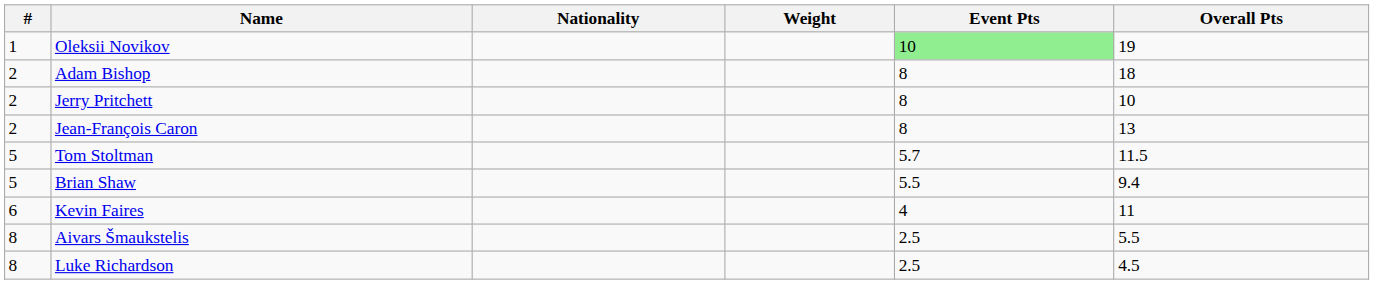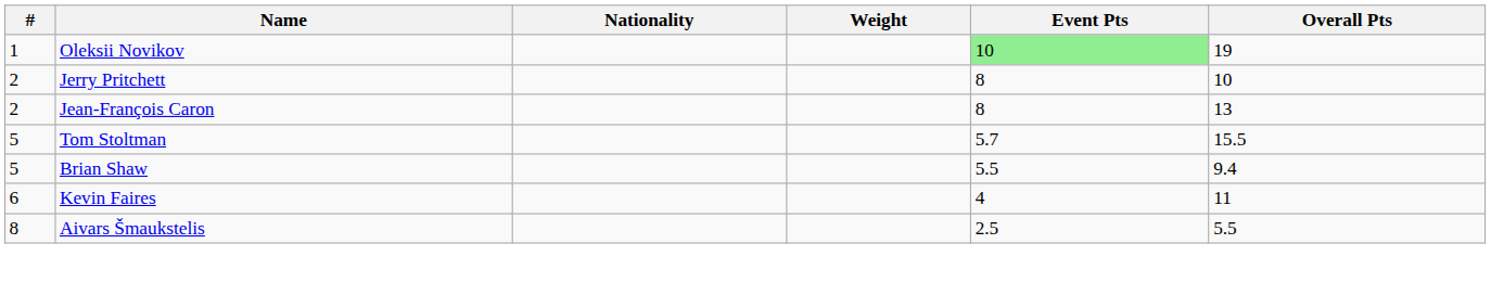 <table class="wikitable sortable" style="display: inline-table;width: 100%;">
 <tr>
 <th>#</th>
 <th>Name</th>
 <th>Nationality</th>
 <th>Weight</th>
 <th>Event Pts</th>
 <th>Overall Pts</th>
 </tr>
 <tr>
 <td>1</td>
 <td><a href='#'>Oleksii Novikov</a></td>
 <td></td>
 <td></td>
 <td style="background: lightgreen;">10</td>
 <td>19</td>
-</tr>
-<tr>
-<td>2</td>
-<td><a href='#'>Adam Bishop</a></td>
-<td></td>
-<td></td>
-<td>8</td>
-<td>18</td>
 </tr>
 <tr>
 <td>2</td>
 <td><a href='#'>Jerry Pritchett</a></td>
 <td></td>
 <td></td>
 <td>8</td>
 <td>10</td>
 </tr>
 <tr>
 <td>2</td>
 <td><a href='#'>Jean-François Caron</a></td>
 <td></td>
 <td></td>
 <td>8</td>
 <td>13</td>
 </tr>
 <tr>
 <td>5</td>
 <td><a href='#'>Tom Stoltman</a></td>
 <td></td>
 <td></td>
 <td>5.7</td>
-<td>11.5</td>
+<td>15.5</td>
 </tr>
 <tr>
 <td>5</td>
 <td><a href='#'>Brian Shaw</a></td>
 <td></td>
 <td></td>
 <td>5.5</td>
 <td>9.4</td>
 </tr>
 <tr>
 <td>6</td>
 <td><a href='#'>Kevin Faires</a></td>
 <td></td>
 <td></td>
 <td>4</td>
 <td>11</td>
 </tr>
 <tr>
 <td>8</td>
 <td><a href='#'>Aivars Šmaukstelis</a></td>
 <td></td>
 <td></td>
 <td>2.5</td>
 <td>5.5</td>
 </tr>
-<tr>
-<td>8</td>
-<td><a href='#'>Luke Richardson</a></td>
-<td></td>
-<td></td>
-<td>2.5</td>
-<td>4.5</td>
-</tr>
 </table>
